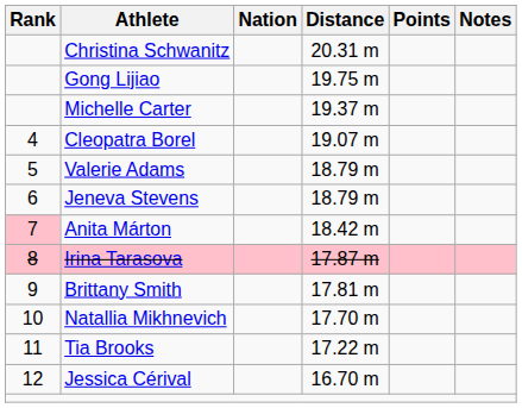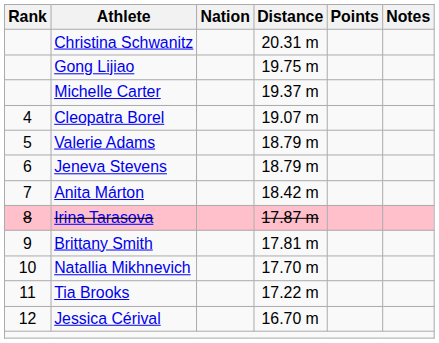 <table class="wikitable mw-datatable sortable" style="text-align:center;">
 <tr>
 <th>Rank</th>
 <th>Athlete</th>
 <th>Nation</th>
 <th>Distance</th>
 <th>Points</th>
 <th>Notes</th>
 </tr>
 <tr>
 <td></td>
 <td align=left><a href='#'>Christina Schwanitz</a></td>
 <td align=left></td>
 <td>20.31 m</td>
 <td></td>
 <td></td>
 </tr>
 <tr>
 <td></td>
 <td align=left><a href='#'>Gong Lijiao</a></td>
 <td align=left></td>
 <td>19.75 m</td>
 <td></td>
 <td></td>
 </tr>
 <tr>
 <td></td>
 <td align=left><a href='#'>Michelle Carter</a></td>
 <td align=left></td>
 <td>19.37 m</td>
 <td></td>
 <td></td>
 </tr>
 <tr>
 <td>4</td>
 <td align=left><a href='#'>Cleopatra Borel</a></td>
 <td align=left></td>
 <td>19.07 m</td>
 <td></td>
 <td></td>
 </tr>
 <tr>
 <td>5</td>
 <td align=left><a href='#'>Valerie Adams</a></td>
 <td align=left></td>
 <td>18.79 m</td>
 <td></td>
 <td></td>
 </tr>
 <tr>
 <td>6</td>
 <td align=left><a href='#'>Jeneva Stevens</a></td>
 <td align=left></td>
 <td>18.79 m</td>
 <td></td>
 <td></td>
 </tr>
 <tr>
-<td style="background: pink;">7</td>
+<td>7</td>
 <td align=left><a href='#'>Anita Márton</a></td>
 <td align=left></td>
 <td>18.42 m</td>
 <td></td>
 <td></td>
 </tr>
 <tr bgcolor=pink>
 <td><s>8</s></td>
 <td align=left><s><a href='#'>Irina Tarasova</a></s></td>
 <td align=left><s></s></td>
 <td><s>17.87 m</s></td>
 <td></td>
 <td></td>
 </tr>
 <tr>
 <td>9</td>
 <td align=left><a href='#'>Brittany Smith</a></td>
 <td align=left></td>
 <td>17.81 m</td>
 <td></td>
 <td></td>
 </tr>
 <tr>
 <td>10</td>
 <td align=left><a href='#'>Natallia Mikhnevich</a></td>
 <td align=left></td>
 <td>17.70 m</td>
 <td></td>
 <td></td>
 </tr>
 <tr>
 <td>11</td>
 <td align=left><a href='#'>Tia Brooks</a></td>
 <td align=left></td>
 <td>17.22 m</td>
 <td></td>
 <td></td>
 </tr>
 <tr>
 <td>12</td>
 <td align=left><a href='#'>Jessica Cérival</a></td>
 <td align=left></td>
 <td>16.70 m</td>
 <td></td>
 <td></td>
 </tr>
 <tr class="sortbottom">
 <td colspan=6></td>
 </tr>
 </table>
